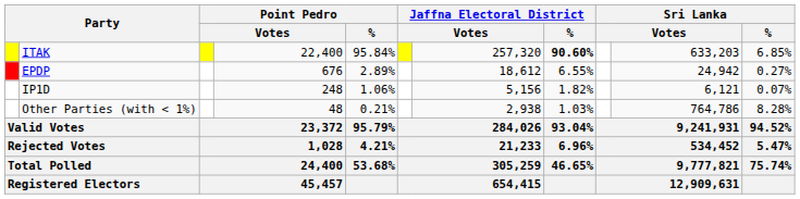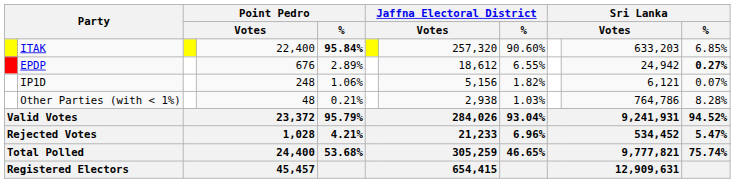 <table class="wikitable">
 <tr>
 <th colspan="2" width="144px"rowspan="2">Party</th>
 <th colspan="3" width="216px">Point Pedro</th>
 <th colspan="3" width="216px"><a href='#'>Jaffna Electoral District</a></th>
 <th colspan="3" width="216px">Sri Lanka</th>
 </tr>
 <tr>
 <th colspan="2" width="144px">Votes</th>
 <th>%</th>
 <th colspan="2" width="144px">Votes</th>
 <th>%</th>
 <th colspan="2" width="144px">Votes</th>
 <th>%</th>
 </tr>
 <tr>
 <td style="background-color:yellow;" width="10px"></td>
 <td style="text-align:left;"><a href='#'>ITAK</a></td>
 <td style="background-color:yellow;" width="10px"></td>
 <td style="text-align:right;">22,400</td>
-<td style="text-align:right;">95.84%</td>
+<td style="text-align:right;"><strong>95.84%</strong></td>
 <td style="background-color:yellow;" width="10px"></td>
 <td style="text-align:right;">257,320</td>
-<td style="text-align:right;"><strong>90.60%</strong></td>
+<td style="text-align:right;">90.60%</td>
 <td style="background-color:white;" width="10px"></td>
 <td style="text-align:right;">633,203</td>
 <td style="text-align:right;">6.85%</td>
 </tr>
 <tr>
 <td style="background-color:red;" width="10px"></td>
 <td style="text-align:left;"><a href='#'>EPDP</a></td>
 <td style="background-color:white;" width="10px"></td>
 <td style="text-align:right;">676</td>
 <td style="text-align:right;">2.89%</td>
 <td style="background-color:white;" width="10px"></td>
 <td style="text-align:right;">18,612</td>
 <td style="text-align:right;">6.55%</td>
 <td style="background-color:white;" width="10px"></td>
 <td style="text-align:right;">24,942</td>
-<td style="text-align:right;">0.27%</td>
+<td style="text-align:right;"><strong>0.27%</strong></td>
 </tr>
 <tr>
 <td style="background-color:white;" width="10px"></td>
 <td style="text-align:left;">IP1D</td>
 <td style="background-color:white;" width="10px"></td>
 <td style="text-align:right;">248</td>
 <td style="text-align:right;">1.06%</td>
 <td style="background-color:white;" width="10px"></td>
 <td style="text-align:right;">5,156</td>
 <td style="text-align:right;">1.82%</td>
 <td style="background-color:white;" width="10px"></td>
 <td style="text-align:right;">6,121</td>
 <td style="text-align:right;">0.07%</td>
 </tr>
 <tr>
 <td style="background-color:white;" width="10px"></td>
 <td style="text-align:left;">Other Parties (with < 1%)</td>
 <td style="background-color:white;" width="10px"></td>
 <td style="text-align:right;">48</td>
 <td style="text-align:right;">0.21%</td>
 <td style="background-color:white;" width="10px"></td>
 <td style="text-align:right;">2,938</td>
 <td style="text-align:right;">1.03%</td>
 <td style="background-color:white;" width="10px"></td>
 <td style="text-align:right;">764,786</td>
 <td style="text-align:right;">8.28%</td>
 </tr>
 <tr>
 <th colspan="2" width="144px"style="text-align:left;">Valid Votes</th>
 <th style="text-align:right;"colspan="2" width="144px">23,372</th>
 <th style="text-align:right;">95.79%</th>
 <th style="text-align:right;"colspan="2" width="144px">284,026</th>
 <th style="text-align:right;">93.04%</th>
 <th style="text-align:right;"colspan="2" width="144px">9,241,931</th>
 <th style="text-align:right;">94.52%</th>
 </tr>
 <tr>
 <th colspan="2" width="144px"style="text-align:left;">Rejected Votes</th>
 <th style="text-align:right;"colspan="2" width="144px">1,028</th>
 <th style="text-align:right;">4.21%</th>
 <th style="text-align:right;"colspan="2" width="144px">21,233</th>
 <th style="text-align:right;">6.96%</th>
 <th style="text-align:right;"colspan="2" width="144px">534,452</th>
 <th style="text-align:right;">5.47%</th>
 </tr>
 <tr>
 <th colspan="2" width="144px"style="text-align:left;">Total Polled</th>
 <th style="text-align:right;"colspan="2" width="144px">24,400</th>
 <th style="text-align:right;">53.68%</th>
 <th style="text-align:right;"colspan="2" width="144px">305,259</th>
 <th style="text-align:right;">46.65%</th>
 <th style="text-align:right;"colspan="2" width="144px">9,777,821</th>
 <th style="text-align:right;">75.74%</th>
 </tr>
 <tr>
 <th colspan="2" width="144px"style="text-align:left;">Registered Electors</th>
 <th style="text-align:right;"colspan="2" width="144px">45,457</th>
 <th></th>
 <th style="text-align:right;"colspan="2" width="144px">654,415</th>
 <th></th>
 <th style="text-align:right;"colspan="2" width="144px">12,909,631</th>
 <th></th>
 </tr>
 </table>
